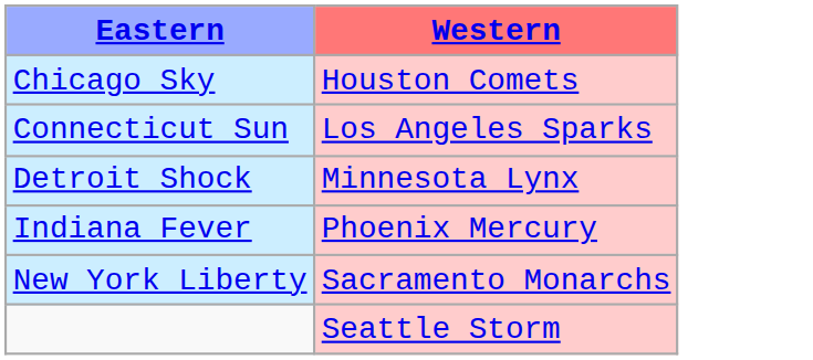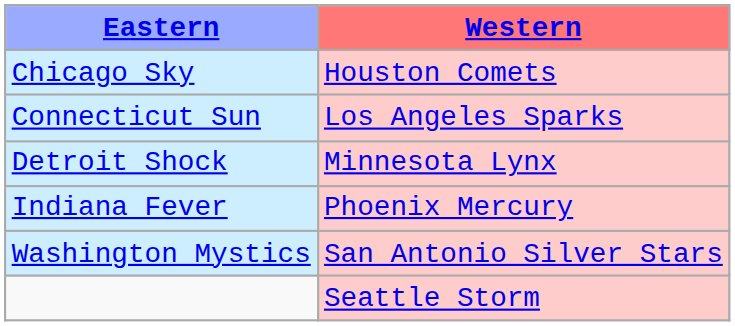 <table class="wikitable">
 <tr>
 <th style="background-color: #9AF;"><a href='#'>Eastern</a></th>
 <th style="background-color: #F77;"><a href='#'>Western</a></th>
 </tr>
 <tr>
 <td style="background-color: #CEF;"><a href='#'>Chicago Sky</a></td>
 <td style="background-color: #FCC;"><a href='#'>Houston Comets</a></td>
 </tr>
 <tr>
 <td style="background-color: #CEF;"><a href='#'>Connecticut Sun</a></td>
 <td style="background-color: #FCC;"><a href='#'>Los Angeles Sparks</a></td>
 </tr>
 <tr>
 <td style="background-color: #CEF;"><a href='#'>Detroit Shock</a></td>
 <td style="background-color: #FCC;"><a href='#'>Minnesota Lynx</a></td>
 </tr>
 <tr>
 <td style="background-color: #CEF;"><a href='#'>Indiana Fever</a></td>
 <td style="background-color: #FCC;"><a href='#'>Phoenix Mercury</a></td>
 </tr>
 <tr>
-<td style="background-color: #CEF;"><a href='#'>New York Liberty</a></td>
-<td style="background-color: #FCC;"><a href='#'>Sacramento Monarchs</a></td>
+<td style="background-color: #CEF;"><a href='#'>Washington Mystics</a></td>
+<td style="background-color: #FCC;"><a href='#'>San Antonio Silver Stars</a></td>
 </tr>
 <tr>
 <td></td>
 <td style="background-color: #FCC;"><a href='#'>Seattle Storm</a></td>
 </tr>
 </table>
